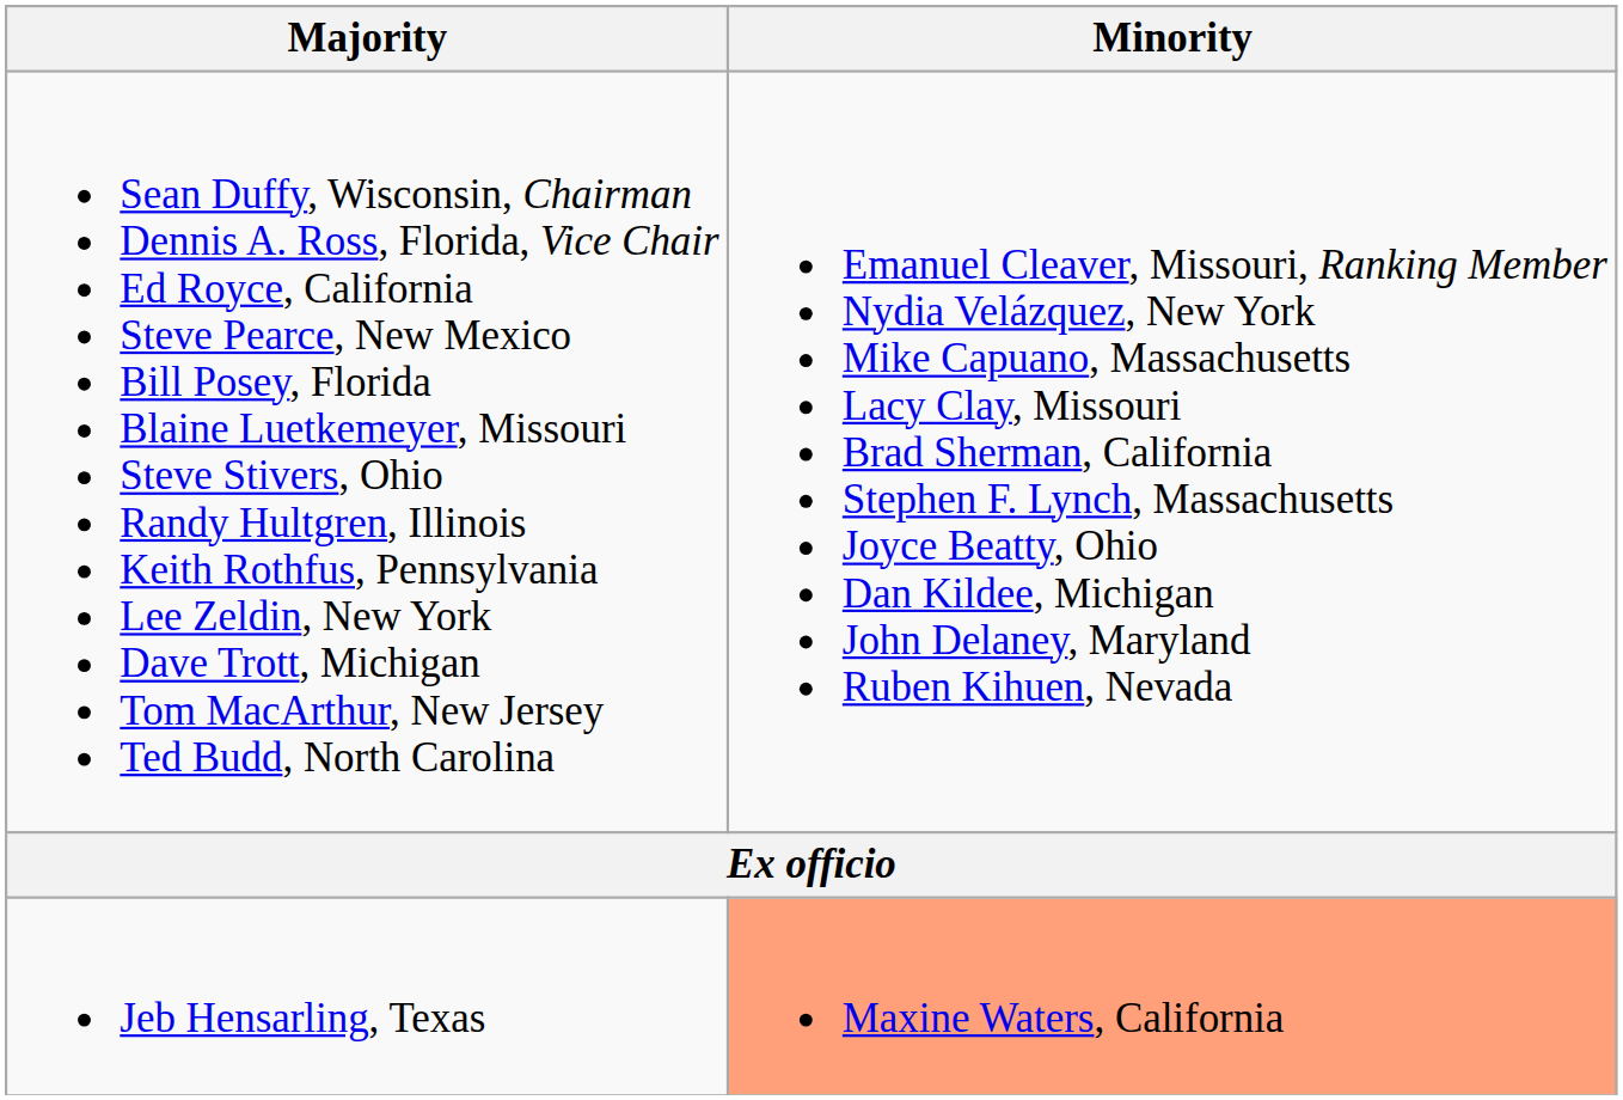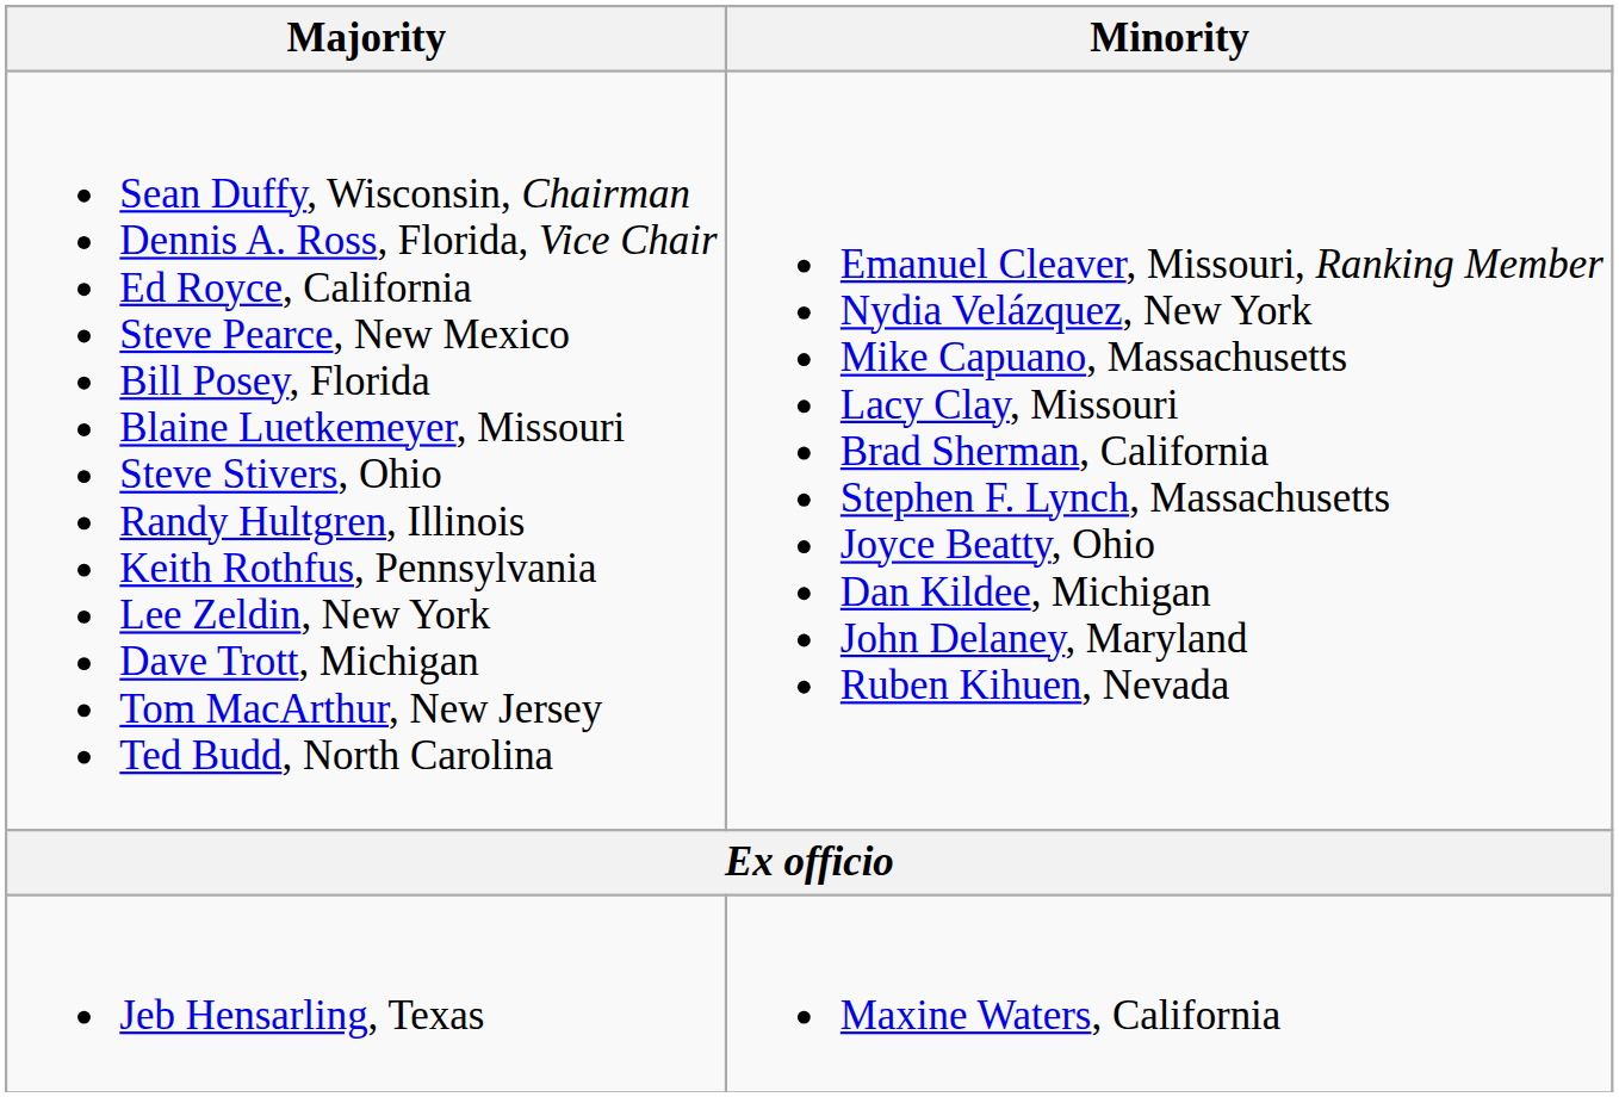 <table class=wikitable>
 <tr>
 <th>Majority</th>
 <th>Minority</th>
 </tr>
 <tr>
 <td><br><ul><li><a href='#'>Sean Duffy</a>, Wisconsin, <em>Chairman</em></li><li><a href='#'>Dennis A. Ross</a>, Florida, <em>Vice Chair</em></li><li><a href='#'>Ed Royce</a>, California</li><li><a href='#'>Steve Pearce</a>, New Mexico</li><li><a href='#'>Bill Posey</a>, Florida</li><li><a href='#'>Blaine Luetkemeyer</a>, Missouri</li><li><a href='#'>Steve Stivers</a>, Ohio</li><li><a href='#'>Randy Hultgren</a>, Illinois</li><li><a href='#'>Keith Rothfus</a>, Pennsylvania</li><li><a href='#'>Lee Zeldin</a>, New York</li><li><a href='#'>Dave Trott</a>, Michigan</li><li><a href='#'>Tom MacArthur</a>, New Jersey</li><li><a href='#'>Ted Budd</a>, North Carolina</li></ul></td>
 <td><br><ul><li><a href='#'>Emanuel Cleaver</a>, Missouri, <em>Ranking Member</em></li><li><a href='#'>Nydia Velázquez</a>, New York</li><li><a href='#'>Mike Capuano</a>, Massachusetts</li><li><a href='#'>Lacy Clay</a>, Missouri</li><li><a href='#'>Brad Sherman</a>, California</li><li><a href='#'>Stephen F. Lynch</a>, Massachusetts</li><li><a href='#'>Joyce Beatty</a>, Ohio</li><li><a href='#'>Dan Kildee</a>, Michigan</li><li><a href='#'>John Delaney</a>, Maryland</li><li><a href='#'>Ruben Kihuen</a>, Nevada</li></ul></td>
 </tr>
 <tr>
 <th colspan=2><em>Ex officio</em></th>
 </tr>
 <tr>
 <td><br><ul><li><a href='#'>Jeb Hensarling</a>, Texas</li></ul></td>
-<td style="background: lightsalmon;"><br><ul><li><a href='#'>Maxine Waters</a>, California</li></ul></td>
+<td><br><ul><li><a href='#'>Maxine Waters</a>, California</li></ul></td>
 </tr>
 </table>
